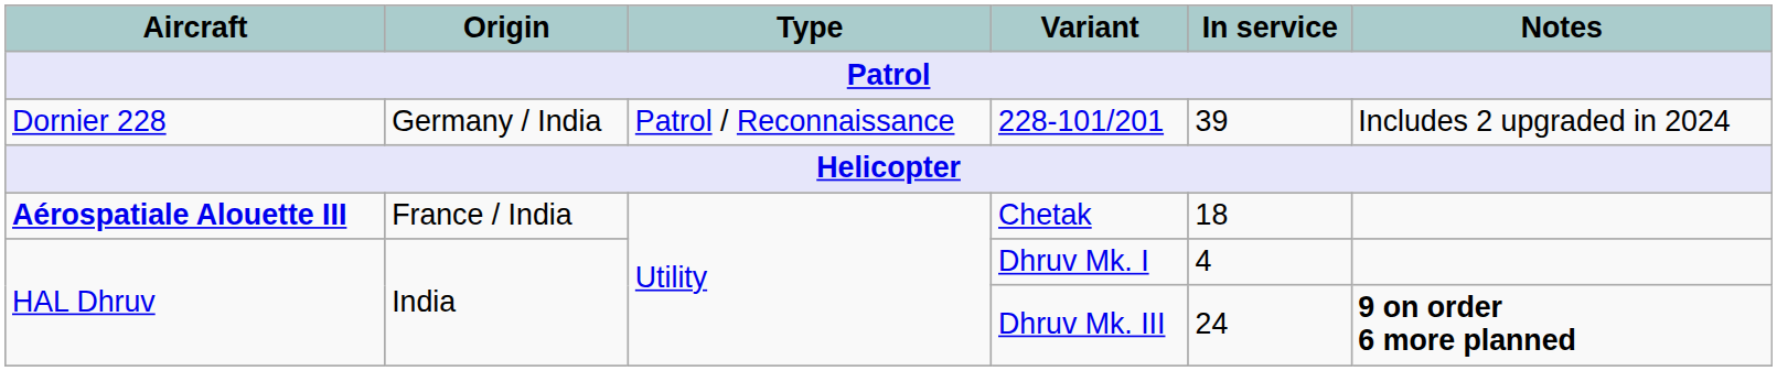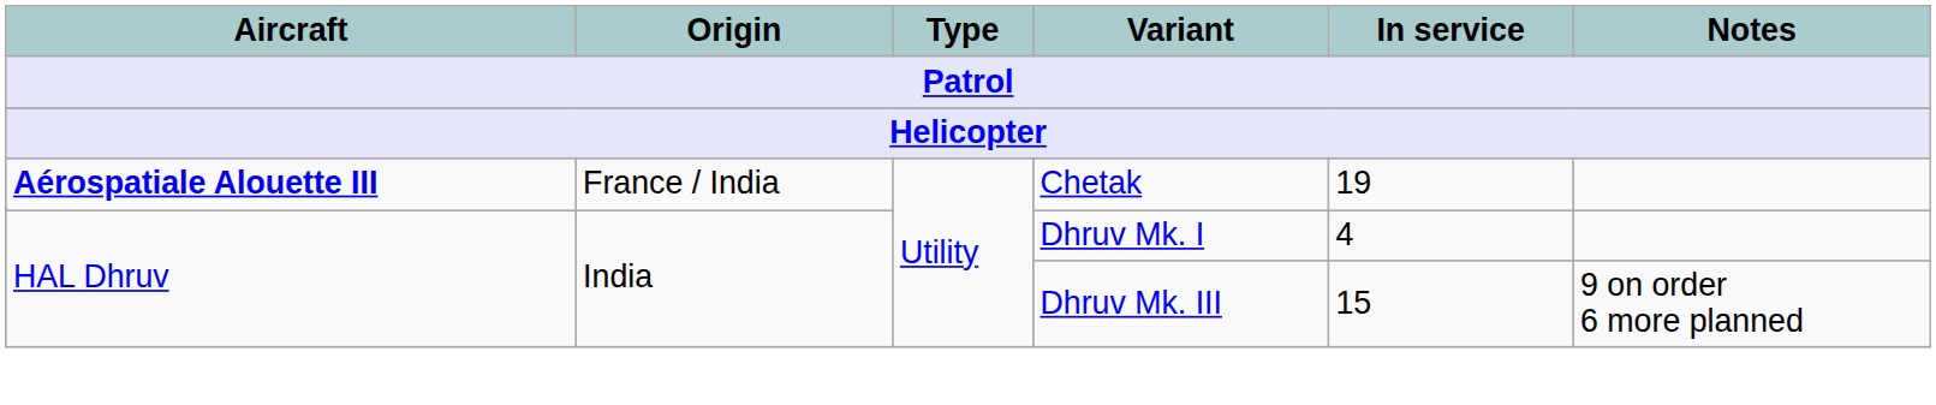 <table class="wikitable sortable" style="width:60em;">
 <tr>
 <th style="text-align:center; background:#acc;">Aircraft</th>
 <th style="text-align:center; background:#acc;">Origin</th>
 <th style="text-align:center; background:#acc;">Type</th>
 <th style="text-align:center; background:#acc;">Variant</th>
 <th style="text-align:center; background:#acc;">In service</th>
 <th style="text-align:center; background:#acc;">Notes</th>
 </tr>
 <tr>
 <th colspan="6" style="align: center; background: lavender;"><a href='#'>Patrol</a></th>
 </tr>
 <tr>
-<td><a href='#'>Dornier 228</a></td>
-<td>Germany / India</td>
-<td><a href='#'>Patrol</a> / <a href='#'>Reconnaissance</a></td>
-<td><a href='#'>228-101/201</a></td>
-<td>39</td>
-<td>Includes 2 upgraded in 2024</td>
-</tr>
-<tr>
 <th colspan="6" style="align: center; background: lavender;"><a href='#'>Helicopter</a></th>
 </tr>
 <tr>
 <td><strong><a href='#'>Aérospatiale Alouette III</a></strong></td>
 <td>France / India</td>
 <td rowspan="3"><a href='#'>Utility</a></td>
 <td><a href='#'>Chetak</a></td>
-<td>18</td>
+<td>19</td>
 <td></td>
 </tr>
 <tr>
 <td rowspan="2"><a href='#'>HAL Dhruv</a></td>
 <td rowspan="2">India</td>
 <td><a href='#'>Dhruv Mk. I</a></td>
 <td>4</td>
 <td></td>
 </tr>
 <tr>
 <td><a href='#'>Dhruv Mk. III</a></td>
-<td>24</td>
-<td><strong>9 on order <br> 6 more planned</strong></td>
+<td>15</td>
+<td>9 on order <br> 6 more planned</td>
 </tr>
 </table>
